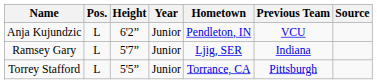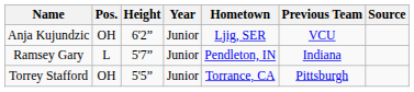 <table class="wikitable sortable" border="1">
 <tr>
 <th style="text-align:center; ">Name</th>
 <th style="text-align:center; ">Pos.</th>
 <th style="text-align:center; ">Height</th>
 <th style="text-align:center; ">Year</th>
 <th style="text-align:center; ">Hometown</th>
 <th style="text-align:center; ">Previous Team</th>
 <th style="text-align:center; ">Source</th>
 </tr>
 <tr align="center">
 <td>Anja Kujundzic</td>
-<td>L</td>
+<td>OH</td>
 <td>6'2”</td>
 <td>Junior</td>
-<td><a href='#'>Pendleton, IN</a></td>
+<td><a href='#'>Ljig, SER</a></td>
 <td><a href='#'>VCU</a></td>
 <td></td>
 </tr>
 <tr align="center">
 <td>Ramsey Gary</td>
 <td>L</td>
 <td>5'7”</td>
 <td>Junior</td>
-<td><a href='#'>Ljig, SER</a></td>
+<td><a href='#'>Pendleton, IN</a></td>
 <td><a href='#'>Indiana</a></td>
 <td></td>
 </tr>
 <tr align="center">
 <td>Torrey Stafford</td>
-<td>L</td>
+<td>OH</td>
 <td>5'5”</td>
 <td>Junior</td>
 <td><a href='#'>Torrance, CA</a></td>
 <td><a href='#'>Pittsburgh</a></td>
 <td></td>
 </tr>
 </table>
